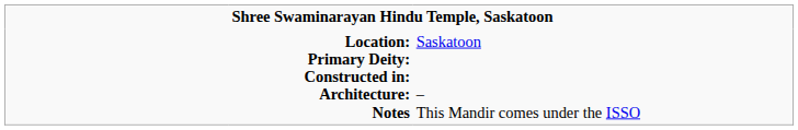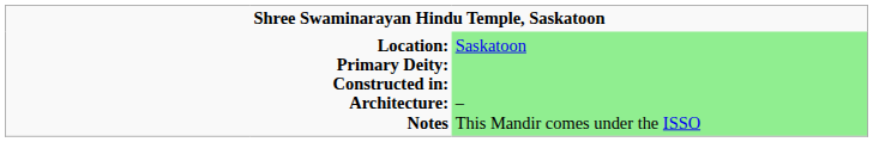 <table class="wikitable plain" border="0" width="800">
 <tr>
 <td width="220px" rowspan="2" style="border:none;"></td>
 <td valign="top" colspan=2 style="border:none;"><strong>Shree Swaminarayan Hindu Temple, Saskatoon</strong></td>
 </tr>
 <tr>
 <td valign="top" style="text-align:right; border:none;"><strong>Location:</strong> <br><strong>Primary Deity:</strong><br><strong>Constructed in:</strong><br><strong>Architecture:</strong><br><strong>Notes</strong></td>
-<td valign="top" style="border:none;"><a href='#'>Saskatoon</a> <br> <br>  <br>– <br>This Mandir comes under the <a href='#'>ISSO</a></td>
+<td valign="top" style="background: lightgreen; border:none;"><a href='#'>Saskatoon</a> <br> <br>  <br>– <br>This Mandir comes under the <a href='#'>ISSO</a></td>
 </tr>
 </table>
